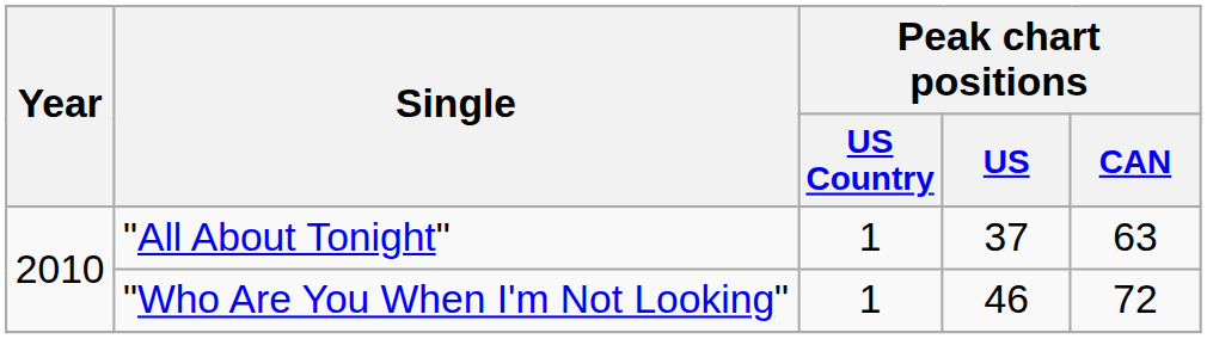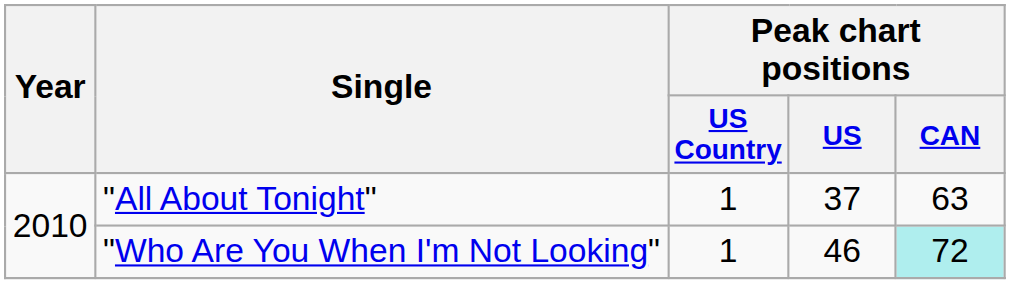 <table class="wikitable" style="text-align:center;">
 <tr>
 <th rowspan="2">Year</th>
 <th rowspan="2">Single</th>
 <th colspan="3">Peak chart positions</th>
 </tr>
 <tr style="font-size:smaller;">
 <th width="45"><a href='#'>US Country</a></th>
 <th width="45"><a href='#'>US</a></th>
 <th width="45"><a href='#'>CAN</a></th>
 </tr>
 <tr>
 <td rowspan="2">2010</td>
 <td align="left">"<a href='#'>All About Tonight</a>"</td>
 <td>1</td>
 <td>37</td>
 <td>63</td>
 </tr>
 <tr>
 <td align="left">"<a href='#'>Who Are You When I'm Not Looking</a>"</td>
 <td>1</td>
 <td>46</td>
-<td>72</td>
+<td style="background: paleturquoise;">72</td>
 </tr>
 <tr>
 </tr>
 </table>
